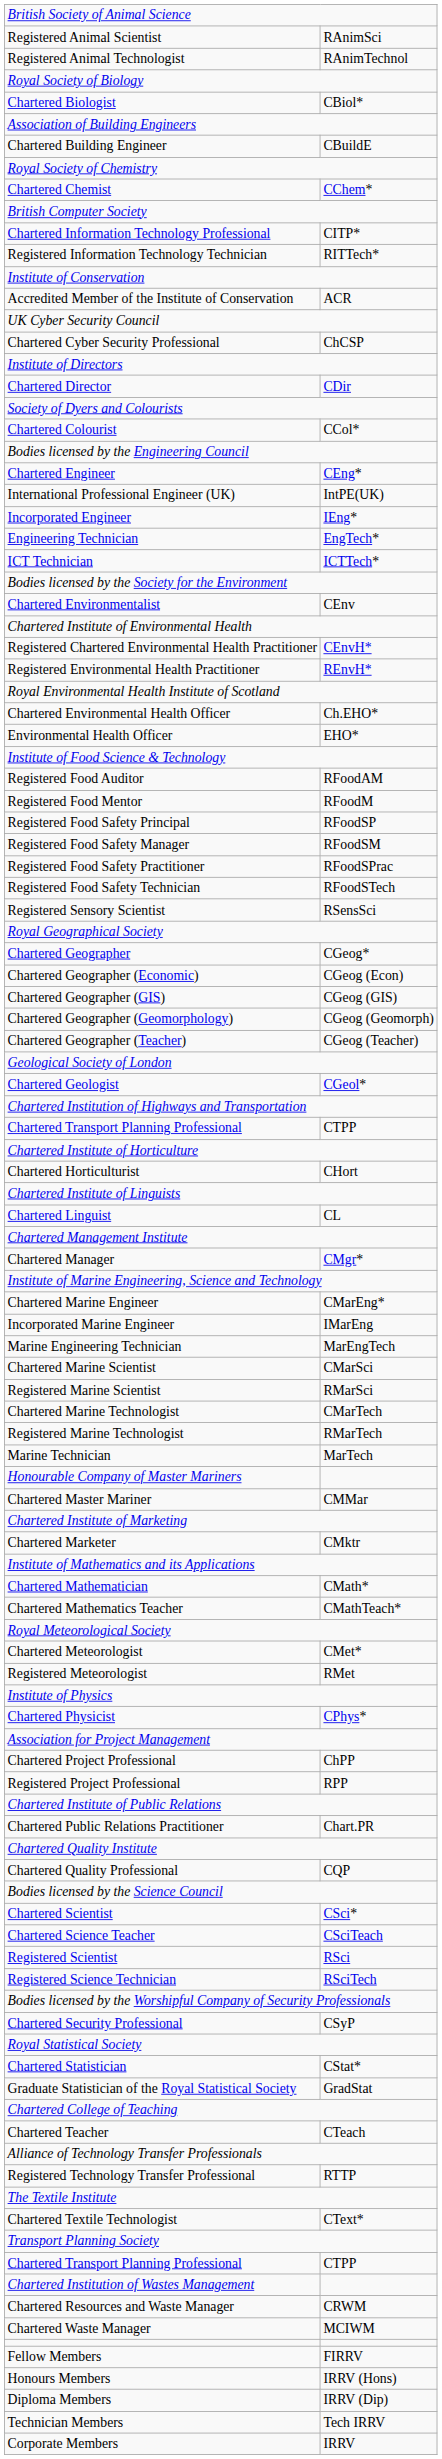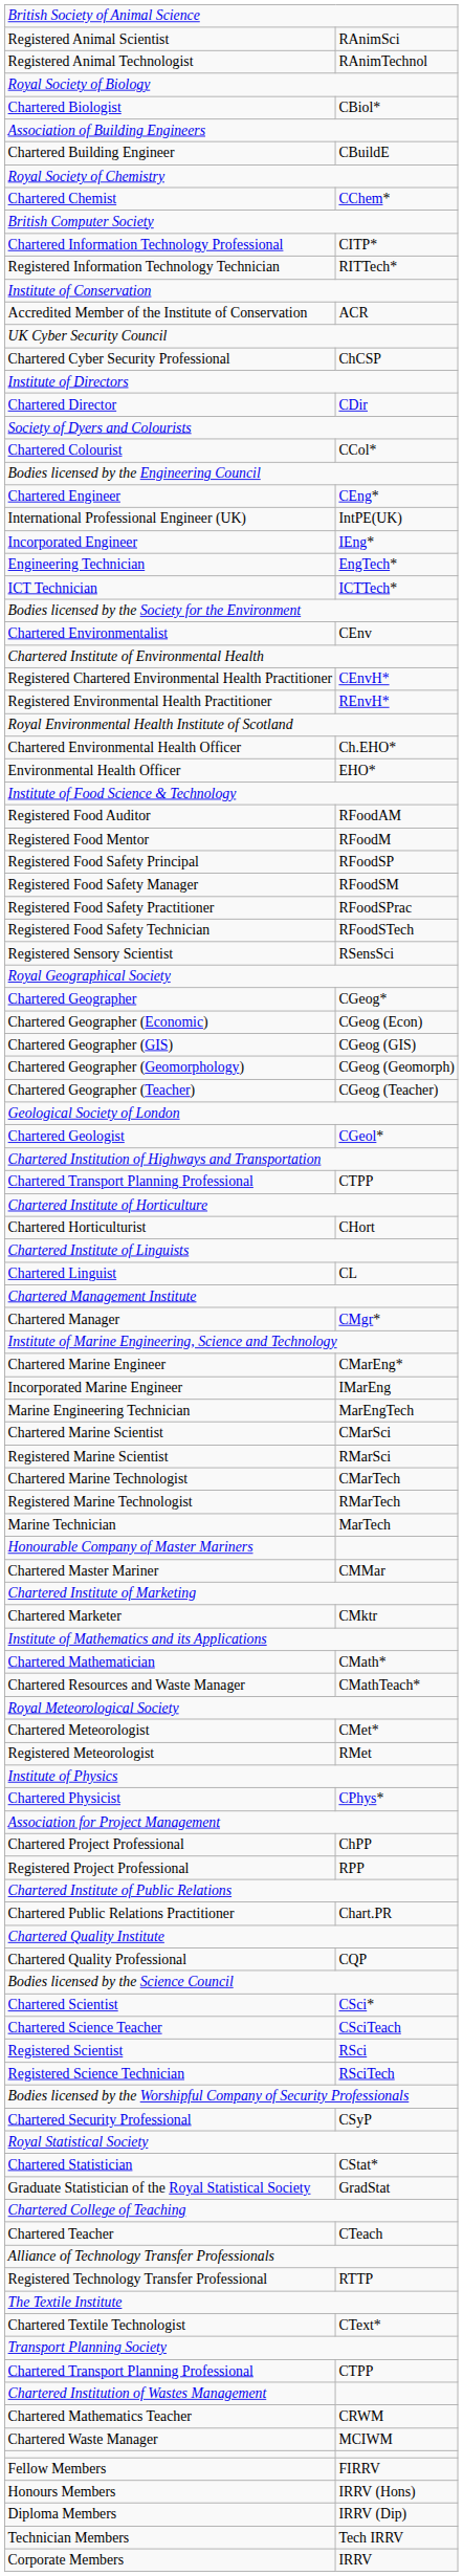 <table class="wikitable">
 <tr>
 <td colspan=2><em><a href='#'>British Society of Animal Science</a></em></td>
 </tr>
 <tr>
 <td> Registered Animal Scientist</td>
 <td>RAnimSci</td>
 </tr>
 <tr>
 <td> Registered Animal Technologist</td>
 <td>RAnimTechnol</td>
 </tr>
 <tr>
 <td colspan=2><em><a href='#'>Royal Society of Biology</a></em></td>
 </tr>
 <tr>
 <td> <a href='#'>Chartered Biologist</a></td>
 <td>CBiol*</td>
 </tr>
 <tr>
 <td colspan=2><em><a href='#'>Association of Building Engineers</a></em></td>
 </tr>
 <tr>
 <td> Chartered Building Engineer</td>
 <td>CBuildE</td>
 </tr>
 <tr>
 <td colspan=2><em><a href='#'>Royal Society of Chemistry</a></em></td>
 </tr>
 <tr>
 <td> <a href='#'>Chartered Chemist</a></td>
 <td><a href='#'>CChem</a>*</td>
 </tr>
 <tr>
 <td colspan=2><em><a href='#'>British Computer Society</a></em></td>
 </tr>
 <tr>
 <td> <a href='#'>Chartered Information Technology Professional</a></td>
 <td>CITP*</td>
 </tr>
 <tr>
 <td> Registered Information Technology Technician</td>
 <td>RITTech*</td>
 </tr>
 <tr>
 <td colspan="2"><em><a href='#'>Institute of Conservation</a></em></td>
 </tr>
 <tr>
 <td> Accredited Member of the Institute of Conservation</td>
 <td>ACR</td>
 </tr>
 <tr>
 <td colspan=2><em>UK Cyber Security Council</em></td>
 </tr>
 <tr>
 <td> Chartered Cyber Security Professional</td>
 <td>ChCSP</td>
 </tr>
 <tr>
 <td colspan=2><em><a href='#'>Institute of Directors</a></em></td>
 </tr>
 <tr>
 <td> <a href='#'>Chartered Director</a></td>
 <td><a href='#'>CDir</a></td>
 </tr>
 <tr>
 <td colspan=2><em><a href='#'>Society of Dyers and Colourists</a></em></td>
 </tr>
 <tr>
 <td> <a href='#'>Chartered Colourist</a></td>
 <td>CCol*</td>
 </tr>
 <tr>
 <td colspan=2><em>Bodies licensed by the <a href='#'>Engineering Council</a></em></td>
 </tr>
 <tr>
 <td> <a href='#'>Chartered Engineer</a></td>
 <td><a href='#'>CEng</a>*</td>
 </tr>
 <tr>
 <td> International Professional Engineer (UK)</td>
 <td>IntPE(UK)</td>
 </tr>
 <tr>
 <td> <a href='#'>Incorporated Engineer</a></td>
 <td><a href='#'>IEng</a>*</td>
 </tr>
 <tr>
 <td> <a href='#'>Engineering Technician</a></td>
 <td><a href='#'>EngTech</a>*</td>
 </tr>
 <tr>
 <td> <a href='#'>ICT Technician</a></td>
 <td><a href='#'>ICTTech</a>*</td>
 </tr>
 <tr>
 <td colspan=2><em>Bodies licensed by the <a href='#'>Society for the Environment</a></em></td>
 </tr>
 <tr>
 <td> <a href='#'>Chartered Environmentalist</a></td>
 <td>CEnv</td>
 </tr>
 <tr v>
 <td colspan=2><em>Chartered Institute of Environmental Health</em></td>
 </tr>
 <tr>
 <td> Registered Chartered Environmental Health Practitioner</td>
 <td><a href='#'>CEnvH*</a></td>
 </tr>
 <tr>
 <td> Registered Environmental Health Practitioner</td>
 <td><a href='#'>REnvH*</a></td>
 </tr>
 <tr>
 <td colspan=2><em>Royal Environmental Health Institute of Scotland</em></td>
 </tr>
 <tr>
 <td> Chartered Environmental Health Officer</td>
 <td>Ch.EHO*</td>
 </tr>
 <tr>
 <td> Environmental Health Officer</td>
 <td>EHO*</td>
 </tr>
 <tr>
 <td colspan=2><em><a href='#'>Institute of Food Science & Technology</a></em></td>
 </tr>
 <tr>
 <td> Registered Food Auditor</td>
 <td>RFoodAM</td>
 </tr>
 <tr>
 <td> Registered Food Mentor</td>
 <td>RFoodM</td>
 </tr>
 <tr>
 <td> Registered Food Safety Principal</td>
 <td>RFoodSP</td>
 </tr>
 <tr>
 <td> Registered Food Safety Manager</td>
 <td>RFoodSM</td>
 </tr>
 <tr>
 <td> Registered Food Safety Practitioner</td>
 <td>RFoodSPrac</td>
 </tr>
 <tr>
 <td> Registered Food Safety Technician</td>
 <td>RFoodSTech</td>
 </tr>
 <tr>
 <td> Registered Sensory Scientist</td>
 <td>RSensSci</td>
 </tr>
 <tr>
 <td colspan=2><em><a href='#'>Royal Geographical Society</a></em></td>
 </tr>
 <tr>
 <td> <a href='#'>Chartered Geographer</a></td>
 <td>CGeog*</td>
 </tr>
 <tr>
 <td> Chartered Geographer (<a href='#'>Economic</a>)</td>
 <td>CGeog (Econ)</td>
 </tr>
 <tr>
 <td> Chartered Geographer (<a href='#'>GIS</a>)</td>
 <td>CGeog (GIS)</td>
 </tr>
 <tr>
 <td> Chartered Geographer (<a href='#'>Geomorphology</a>)</td>
 <td>CGeog (Geomorph)</td>
 </tr>
 <tr>
 <td> Chartered Geographer (<a href='#'>Teacher</a>)</td>
 <td>CGeog (Teacher)</td>
 </tr>
 <tr>
 <td colspan=2><em><a href='#'>Geological Society of London</a></em></td>
 </tr>
 <tr>
 <td> <a href='#'>Chartered Geologist</a></td>
 <td><a href='#'>CGeol</a>*</td>
 </tr>
 <tr>
 <td colspan=2><em><a href='#'>Chartered Institution of Highways and Transportation</a></em></td>
 </tr>
 <tr>
 <td> <a href='#'>Chartered Transport Planning Professional</a></td>
 <td>CTPP</td>
 </tr>
 <tr>
 <td colspan="2"><em><a href='#'>Chartered Institute of Horticulture</a></em></td>
 </tr>
 <tr>
 <td> Chartered Horticulturist</td>
 <td>CHort</td>
 </tr>
 <tr>
 <td colspan=2><em><a href='#'>Chartered Institute of Linguists</a></em></td>
 </tr>
 <tr>
 <td> <a href='#'>Chartered Linguist</a></td>
 <td>CL</td>
 </tr>
 <tr>
 <td colspan=2><em><a href='#'>Chartered Management Institute</a></em></td>
 </tr>
 <tr>
 <td> Chartered Manager</td>
 <td><a href='#'>CMgr</a>*</td>
 </tr>
 <tr>
 <td colspan=2><em><a href='#'>Institute of Marine Engineering, Science and Technology</a></em></td>
 </tr>
 <tr>
 <td> Chartered Marine Engineer</td>
 <td>CMarEng*</td>
 </tr>
 <tr>
 <td> Incorporated Marine Engineer</td>
 <td>IMarEng</td>
 </tr>
 <tr>
 <td> Marine Engineering Technician</td>
 <td>MarEngTech</td>
 </tr>
 <tr>
 <td> Chartered Marine Scientist</td>
 <td>CMarSci</td>
 </tr>
 <tr>
 <td> Registered Marine Scientist</td>
 <td>RMarSci</td>
 </tr>
 <tr>
 <td> Chartered Marine Technologist</td>
 <td>CMarTech</td>
 </tr>
 <tr>
 <td> Registered Marine Technologist</td>
 <td>RMarTech</td>
 </tr>
 <tr>
 <td> Marine Technician</td>
 <td>MarTech</td>
 </tr>
 <tr>
 <td><em><a href='#'>Honourable Company of Master Mariners</a></em></td>
 <td></td>
 </tr>
 <tr>
 <td> Chartered Master Mariner</td>
 <td>CMMar</td>
 </tr>
 <tr>
 <td colspan=2><em><a href='#'>Chartered Institute of Marketing</a></em></td>
 </tr>
 <tr>
 <td> Chartered Marketer</td>
 <td>CMktr</td>
 </tr>
 <tr>
 <td colspan=2><em><a href='#'>Institute of Mathematics and its Applications</a></em></td>
 </tr>
 <tr>
 <td> <a href='#'>Chartered Mathematician</a></td>
 <td>CMath*</td>
 </tr>
 <tr>
-<td> Chartered Mathematics Teacher</td>
+<td>Chartered Resources and Waste Manager</td>
 <td>CMathTeach*</td>
 </tr>
 <tr>
 <td colspan=2><em><a href='#'>Royal Meteorological Society</a></em></td>
 </tr>
 <tr>
 <td> Chartered Meteorologist</td>
 <td>CMet*</td>
 </tr>
 <tr>
 <td> Registered Meteorologist</td>
 <td>RMet</td>
 </tr>
 <tr>
 <td colspan=2><em><a href='#'>Institute of Physics</a></em></td>
 </tr>
 <tr>
 <td> <a href='#'>Chartered Physicist</a></td>
 <td><a href='#'>CPhys</a>*</td>
 </tr>
 <tr>
 <td colspan=2><em><a href='#'>Association for Project Management</a></em></td>
 </tr>
 <tr>
 <td> Chartered Project Professional</td>
 <td>ChPP</td>
 </tr>
 <tr>
 <td> Registered Project Professional</td>
 <td>RPP</td>
 </tr>
 <tr>
 <td colspan=2><em><a href='#'>Chartered Institute of Public Relations</a></em></td>
 </tr>
 <tr>
 <td> Chartered Public Relations Practitioner</td>
 <td>Chart.PR</td>
 </tr>
 <tr>
 <td colspan=2><em><a href='#'>Chartered Quality Institute</a></em></td>
 </tr>
 <tr>
 <td> Chartered Quality Professional</td>
 <td>CQP</td>
 </tr>
 <tr>
 <td colspan=2><em>Bodies licensed by the <a href='#'>Science Council</a></em></td>
 </tr>
 <tr>
 <td> <a href='#'>Chartered Scientist</a></td>
 <td><a href='#'>CSci</a>*</td>
 </tr>
 <tr>
 <td> <a href='#'>Chartered Science Teacher</a></td>
 <td><a href='#'>CSciTeach</a></td>
 </tr>
 <tr>
 <td> <a href='#'>Registered Scientist</a></td>
 <td><a href='#'>RSci</a></td>
 </tr>
 <tr>
 <td> <a href='#'>Registered Science Technician</a></td>
 <td><a href='#'>RSciTech</a></td>
 </tr>
 <tr>
 <td colspan=2><em>Bodies licensed by the <a href='#'>Worshipful Company of Security Professionals</a></em></td>
 </tr>
 <tr>
 <td> <a href='#'>Chartered Security Professional</a></td>
 <td>CSyP</td>
 </tr>
 <tr>
 <td colspan=2><em><a href='#'>Royal Statistical Society</a></em></td>
 </tr>
 <tr>
 <td> <a href='#'>Chartered Statistician</a></td>
 <td>CStat*</td>
 </tr>
 <tr>
 <td> Graduate Statistician of the <a href='#'>Royal Statistical Society</a></td>
 <td>GradStat</td>
 </tr>
 <tr>
 <td colspan="2"><em><a href='#'>Chartered College of Teaching</a></em></td>
 </tr>
 <tr>
 <td> Chartered Teacher</td>
 <td>CTeach</td>
 </tr>
 <tr>
 <td colspan=2><em>Alliance of Technology Transfer Professionals</em></td>
 </tr>
 <tr>
 <td>Registered Technology Transfer Professional</td>
 <td>RTTP</td>
 </tr>
 <tr>
 <td colspan=2><em><a href='#'>The Textile Institute</a></em></td>
 </tr>
 <tr>
 <td> Chartered Textile Technologist</td>
 <td>CText*</td>
 </tr>
 <tr>
 <td colspan=2><em><a href='#'>Transport Planning Society</a></em></td>
 </tr>
 <tr>
 <td> <a href='#'>Chartered Transport Planning Professional</a></td>
 <td>CTPP</td>
 </tr>
 <tr>
 <td><em><a href='#'>Chartered Institution of Wastes Management</a></em></td>
 <td></td>
 </tr>
 <tr>
-<td>Chartered Resources and Waste Manager</td>
+<td> Chartered Mathematics Teacher</td>
 <td>CRWM</td>
 </tr>
 <tr>
 <td>Chartered Waste Manager</td>
 <td>MCIWM</td>
 </tr>
 <tr>
 <td></td>
 <td></td>
 </tr>
 <tr>
 <td>Fellow Members</td>
 <td>FIRRV</td>
 </tr>
 <tr>
 <td> Honours Members</td>
 <td>IRRV (Hons)</td>
 </tr>
 <tr>
 <td> Diploma Members</td>
 <td>IRRV (Dip)</td>
 </tr>
 <tr>
 <td> Technician Members</td>
 <td>Tech IRRV</td>
 </tr>
 <tr>
 <td> Corporate Members</td>
 <td>IRRV</td>
 </tr>
 </table>
